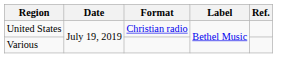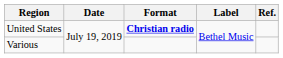 <table class="wikitable plainrowheaders">
 <tr>
 <th scope="col">Region</th>
 <th scope="col">Date</th>
 <th scope="col">Format</th>
 <th scope="col">Label</th>
 <th scope="col">Ref.</th>
 </tr>
 <tr>
 <td>United States</td>
 <td rowspan="2">July 19, 2019</td>
-<td><a href='#'>Christian radio</a></td>
+<td><strong><a href='#'>Christian radio</a></strong></td>
 <td rowspan="2"><a href='#'>Bethel Music</a></td>
 <td></td>
 </tr>
 <tr>
 <td>Various</td>
 <td></td>
 <td></td>
 </tr>
 </table>
